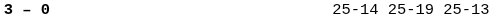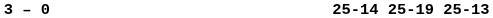 <table width=100% cellspacing=1>
 <tr>
 <th width=20%></th>
 <th width=12%></th>
 <th width=20%></th>
 <th width=33%></th>
 <td></td>
 </tr>
 <tr style=font-size:90%>
 <td align=right><strong></strong></td>
 <td align=center><strong>3 – 0</strong></td>
 <td></td>
-<td>25-14 25-19 25-13</td>
+<td><strong>25-14 25-19 25-13</strong></td>
 </tr>
 </table>
